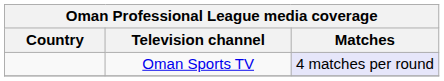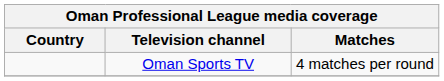 <table class="wikitable" style="text-align:center">
 <tr>
 <th colspan=3>Oman Professional League media coverage</th>
 </tr>
 <tr>
 <th style="width:100px;">Country</th>
 <th style="width:190px;">Television channel</th>
 <th style="width:150px;">Matches</th>
 </tr>
 <tr>
 <td></td>
 <td><a href='#'>Oman Sports TV</a></td>
-<td style="background: lavender;">4 matches per round</td>
+<td>4 matches per round</td>
 </tr>
 <tr>
 </tr>
 </table>
